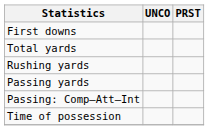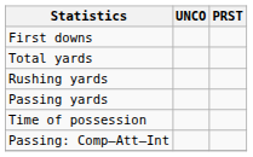 <table class="wikitable" style="float: left;">
 <tr>
 <th>Statistics</th>
 <th>UNCO</th>
 <th>PRST</th>
 </tr>
 <tr>
 <td>First downs</td>
 <td></td>
 <td></td>
 </tr>
 <tr>
 <td>Total yards</td>
 <td></td>
 <td></td>
 </tr>
 <tr>
 <td>Rushing yards</td>
 <td></td>
 <td></td>
 </tr>
 <tr>
 <td>Passing yards</td>
 <td></td>
 <td></td>
 </tr>
 <tr>
-<td>Passing: Comp–Att–Int</td>
+<td>Time of possession</td>
 <td></td>
 <td></td>
 </tr>
 <tr>
-<td>Time of possession</td>
+<td>Passing: Comp–Att–Int</td>
 <td></td>
 <td></td>
 </tr>
 <tr>
 </tr>
 </table>
